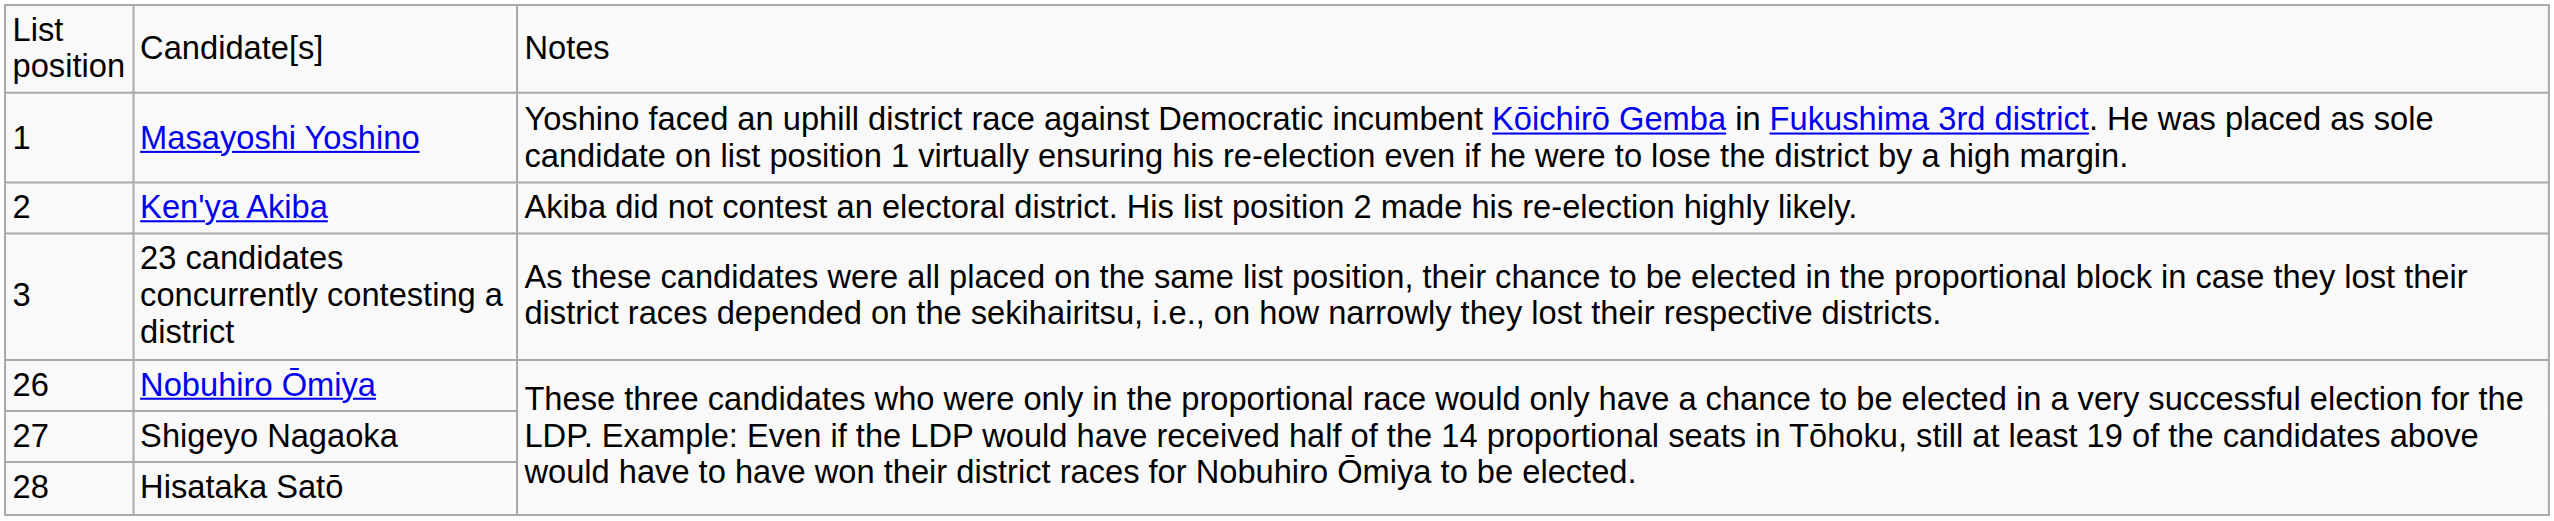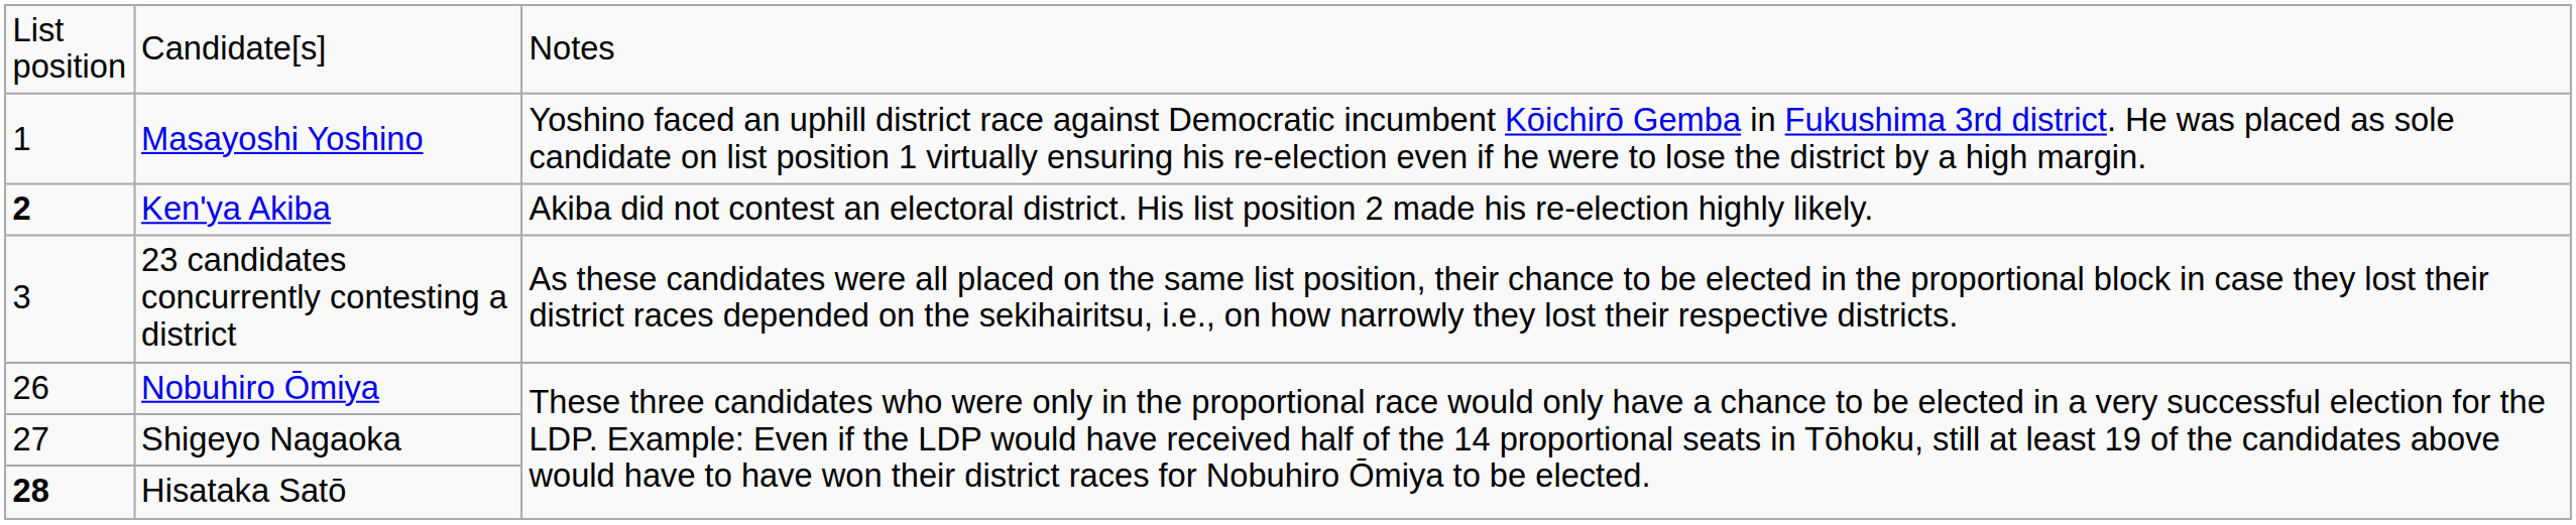 <table class="wikitable">
 <tr>
 <td>List<br>position</td>
 <td>Candidate[s]</td>
 <td>Notes</td>
 </tr>
 <tr>
 <td>1</td>
 <td><a href='#'>Masayoshi Yoshino</a></td>
 <td>Yoshino faced an uphill district race against Democratic incumbent <a href='#'>Kōichirō Gemba</a> in <a href='#'>Fukushima 3rd district</a>. He was placed as sole candidate on list position 1 virtually ensuring his re-election even if he were to lose the district by a high margin.</td>
 </tr>
 <tr>
-<td>2</td>
+<td><strong>2</strong></td>
 <td><a href='#'>Ken'ya Akiba</a></td>
 <td>Akiba did not contest an electoral district. His list position 2 made his re-election highly likely.</td>
 </tr>
 <tr>
 <td>3</td>
 <td>23 candidates concurrently contesting a district</td>
 <td>As these candidates were all placed on the same list position, their chance to be elected in the proportional block in case they lost their district races depended on the sekihairitsu, i.e., on how narrowly they lost their respective districts.</td>
 </tr>
 <tr>
 <td>26</td>
 <td><a href='#'>Nobuhiro Ōmiya</a></td>
 <td rowspan="3">These three candidates who were only in the proportional race would only have a chance to be elected in a very successful election for the LDP. Example: Even if the LDP would have received half of the 14 proportional seats in Tōhoku, still at least 19 of the candidates above would have to have won their district races for Nobuhiro Ōmiya to be elected.</td>
 </tr>
 <tr>
 <td>27</td>
 <td>Shigeyo Nagaoka</td>
 </tr>
 <tr>
-<td>28</td>
+<td><strong>28</strong></td>
 <td>Hisataka Satō</td>
 </tr>
 </table>
